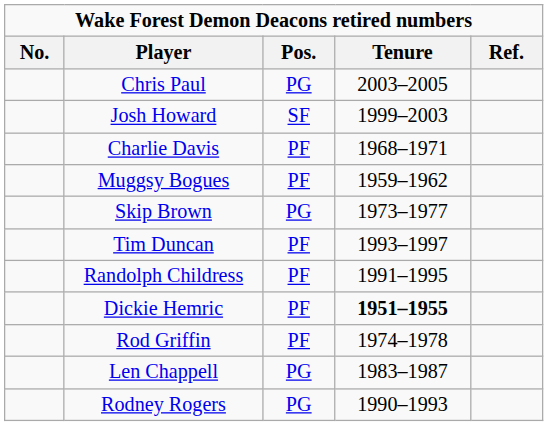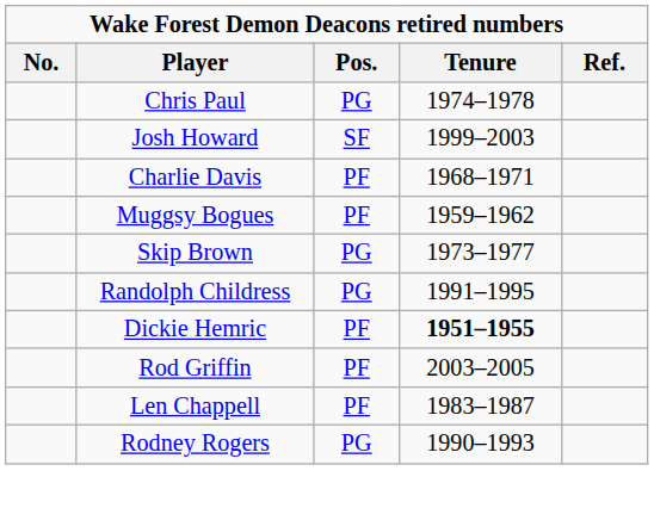 <table class="wikitable sortable" style="text-align:center">
 <tr>
 <td colspan="5"><strong>Wake Forest Demon Deacons retired numbers</strong></td>
 </tr>
 <tr>
 <th width=40px>No.</th>
 <th width=150px>Player</th>
 <th width=50px>Pos.</th>
 <th width=100px>Tenure</th>
 <th width=50px>Ref.</th>
 </tr>
 <tr>
 <td></td>
 <td><a href='#'>Chris Paul</a></td>
 <td><a href='#'>PG</a></td>
-<td>2003–2005</td>
+<td>1974–1978</td>
 <td></td>
 </tr>
 <tr>
 <td></td>
 <td><a href='#'>Josh Howard</a></td>
 <td><a href='#'>SF</a></td>
 <td>1999–2003</td>
 <td></td>
 </tr>
 <tr>
 <td></td>
 <td><a href='#'>Charlie Davis</a></td>
 <td><a href='#'>PF</a></td>
 <td>1968–1971</td>
 <td></td>
 </tr>
 <tr>
 <td></td>
 <td><a href='#'>Muggsy Bogues</a></td>
 <td><a href='#'>PF</a></td>
 <td>1959–1962</td>
 <td></td>
 </tr>
 <tr>
 <td></td>
 <td><a href='#'>Skip Brown</a></td>
 <td><a href='#'>PG</a></td>
 <td>1973–1977</td>
 <td></td>
 </tr>
 <tr>
 <td></td>
-<td><a href='#'>Tim Duncan</a></td>
-<td><a href='#'>PF</a></td>
-<td>1993–1997</td>
-<td></td>
-</tr>
-<tr>
-<td></td>
 <td><a href='#'>Randolph Childress</a></td>
-<td><a href='#'>PF</a></td>
+<td><a href='#'>PG</a></td>
 <td>1991–1995</td>
 <td></td>
 </tr>
 <tr>
 <td></td>
 <td><a href='#'>Dickie Hemric</a></td>
 <td><a href='#'>PF</a></td>
 <td><strong>1951–1955</strong></td>
 <td></td>
 </tr>
 <tr>
 <td></td>
 <td><a href='#'>Rod Griffin</a></td>
 <td><a href='#'>PF</a></td>
-<td>1974–1978</td>
+<td>2003–2005</td>
 <td></td>
 </tr>
 <tr>
 <td></td>
 <td><a href='#'>Len Chappell</a></td>
-<td><a href='#'>PG</a></td>
+<td><a href='#'>PF</a></td>
 <td>1983–1987</td>
 <td></td>
 </tr>
 <tr>
 <td></td>
 <td><a href='#'>Rodney Rogers</a></td>
 <td><a href='#'>PG</a></td>
 <td>1990–1993</td>
 <td></td>
 </tr>
 </table>
